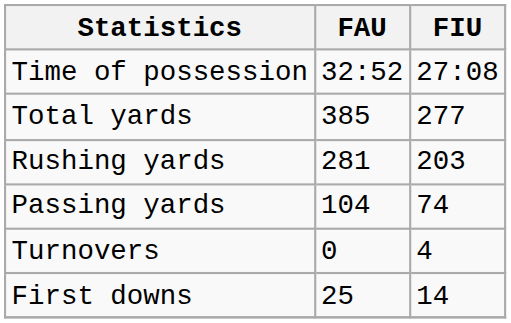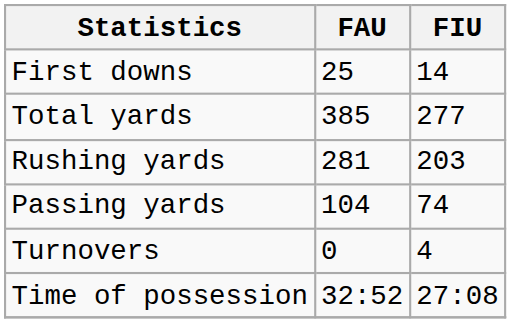 <table class="wikitable">
 <tr>
 <th>Statistics</th>
 <th>FAU</th>
 <th>FIU</th>
 </tr>
 <tr>
-<td>Time of possession</td>
-<td>32:52</td>
-<td>27:08</td>
+<td>First downs</td>
+<td>25</td>
+<td>14</td>
 </tr>
 <tr>
 <td>Total yards</td>
 <td>385</td>
 <td>277</td>
 </tr>
 <tr>
 <td>Rushing yards</td>
 <td>281</td>
 <td>203</td>
 </tr>
 <tr>
 <td>Passing yards</td>
 <td>104</td>
 <td>74</td>
 </tr>
 <tr>
 <td>Turnovers</td>
 <td>0</td>
 <td>4</td>
 </tr>
 <tr>
-<td>First downs</td>
-<td>25</td>
-<td>14</td>
+<td>Time of possession</td>
+<td>32:52</td>
+<td>27:08</td>
 </tr>
 <tr>
 </tr>
 </table>
